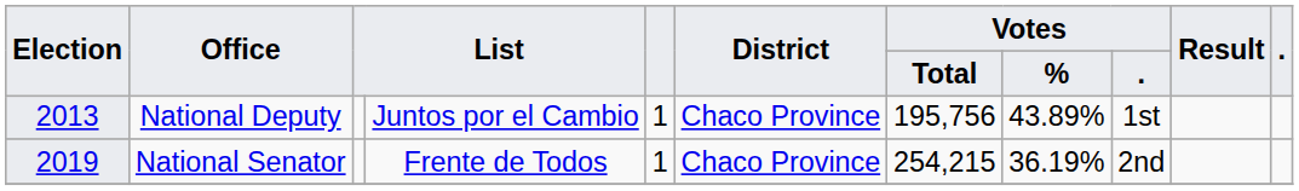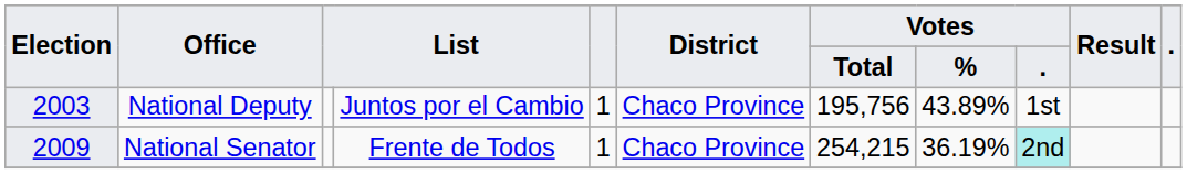 <table class="wikitable" style="font-size:90%; text-align:center;">
 <tr>
 <th style="background-color:#EAECF0;" rowspan=2>Election</th>
 <th style="background-color:#EAECF0;" rowspan=2>Office</th>
 <th style="background-color:#EAECF0;" colspan=2 rowspan=2>List</th>
 <th style="background-color:#EAECF0;" rowspan=2></th>
 <th style="background-color:#EAECF0;" rowspan=2>District</th>
 <th style="background-color:#EAECF0;" colspan=3>Votes</th>
 <th style="background-color:#EAECF0;" rowspan=2>Result</th>
 <th style="background-color:#EAECF0;" rowspan=2>.</th>
 </tr>
 <tr>
 <th style="background-color:#EAECF0;">Total</th>
 <th style="background-color:#EAECF0;">%</th>
 <th style="background-color:#EAECF0;">.</th>
 </tr>
 <tr>
-<td style="background-color:#EAECF0;"><a href='#'>2013</a></td>
+<td style="background-color:#EAECF0;"><a href='#'>2003</a></td>
 <td><a href='#'>National Deputy</a></td>
 <td style="background-color:"></td>
 <td><a href='#'>Juntos por el Cambio</a></td>
 <td>1</td>
 <td><a href='#'>Chaco Province</a></td>
 <td>195,756</td>
 <td>43.89%</td>
 <td>1st</td>
 <td></td>
 <td></td>
 </tr>
 <tr>
-<td style="background-color:#EAECF0;"><a href='#'>2019</a></td>
+<td style="background-color:#EAECF0;"><a href='#'>2009</a></td>
 <td><a href='#'>National Senator</a></td>
 <td style="background-color:"></td>
 <td><a href='#'>Frente de Todos</a></td>
 <td>1</td>
 <td><a href='#'>Chaco Province</a></td>
 <td>254,215</td>
 <td>36.19%</td>
-<td>2nd</td>
+<td style="background: paleturquoise;">2nd</td>
 <td></td>
 <td></td>
 </tr>
 <tr>
 </tr>
 </table>
